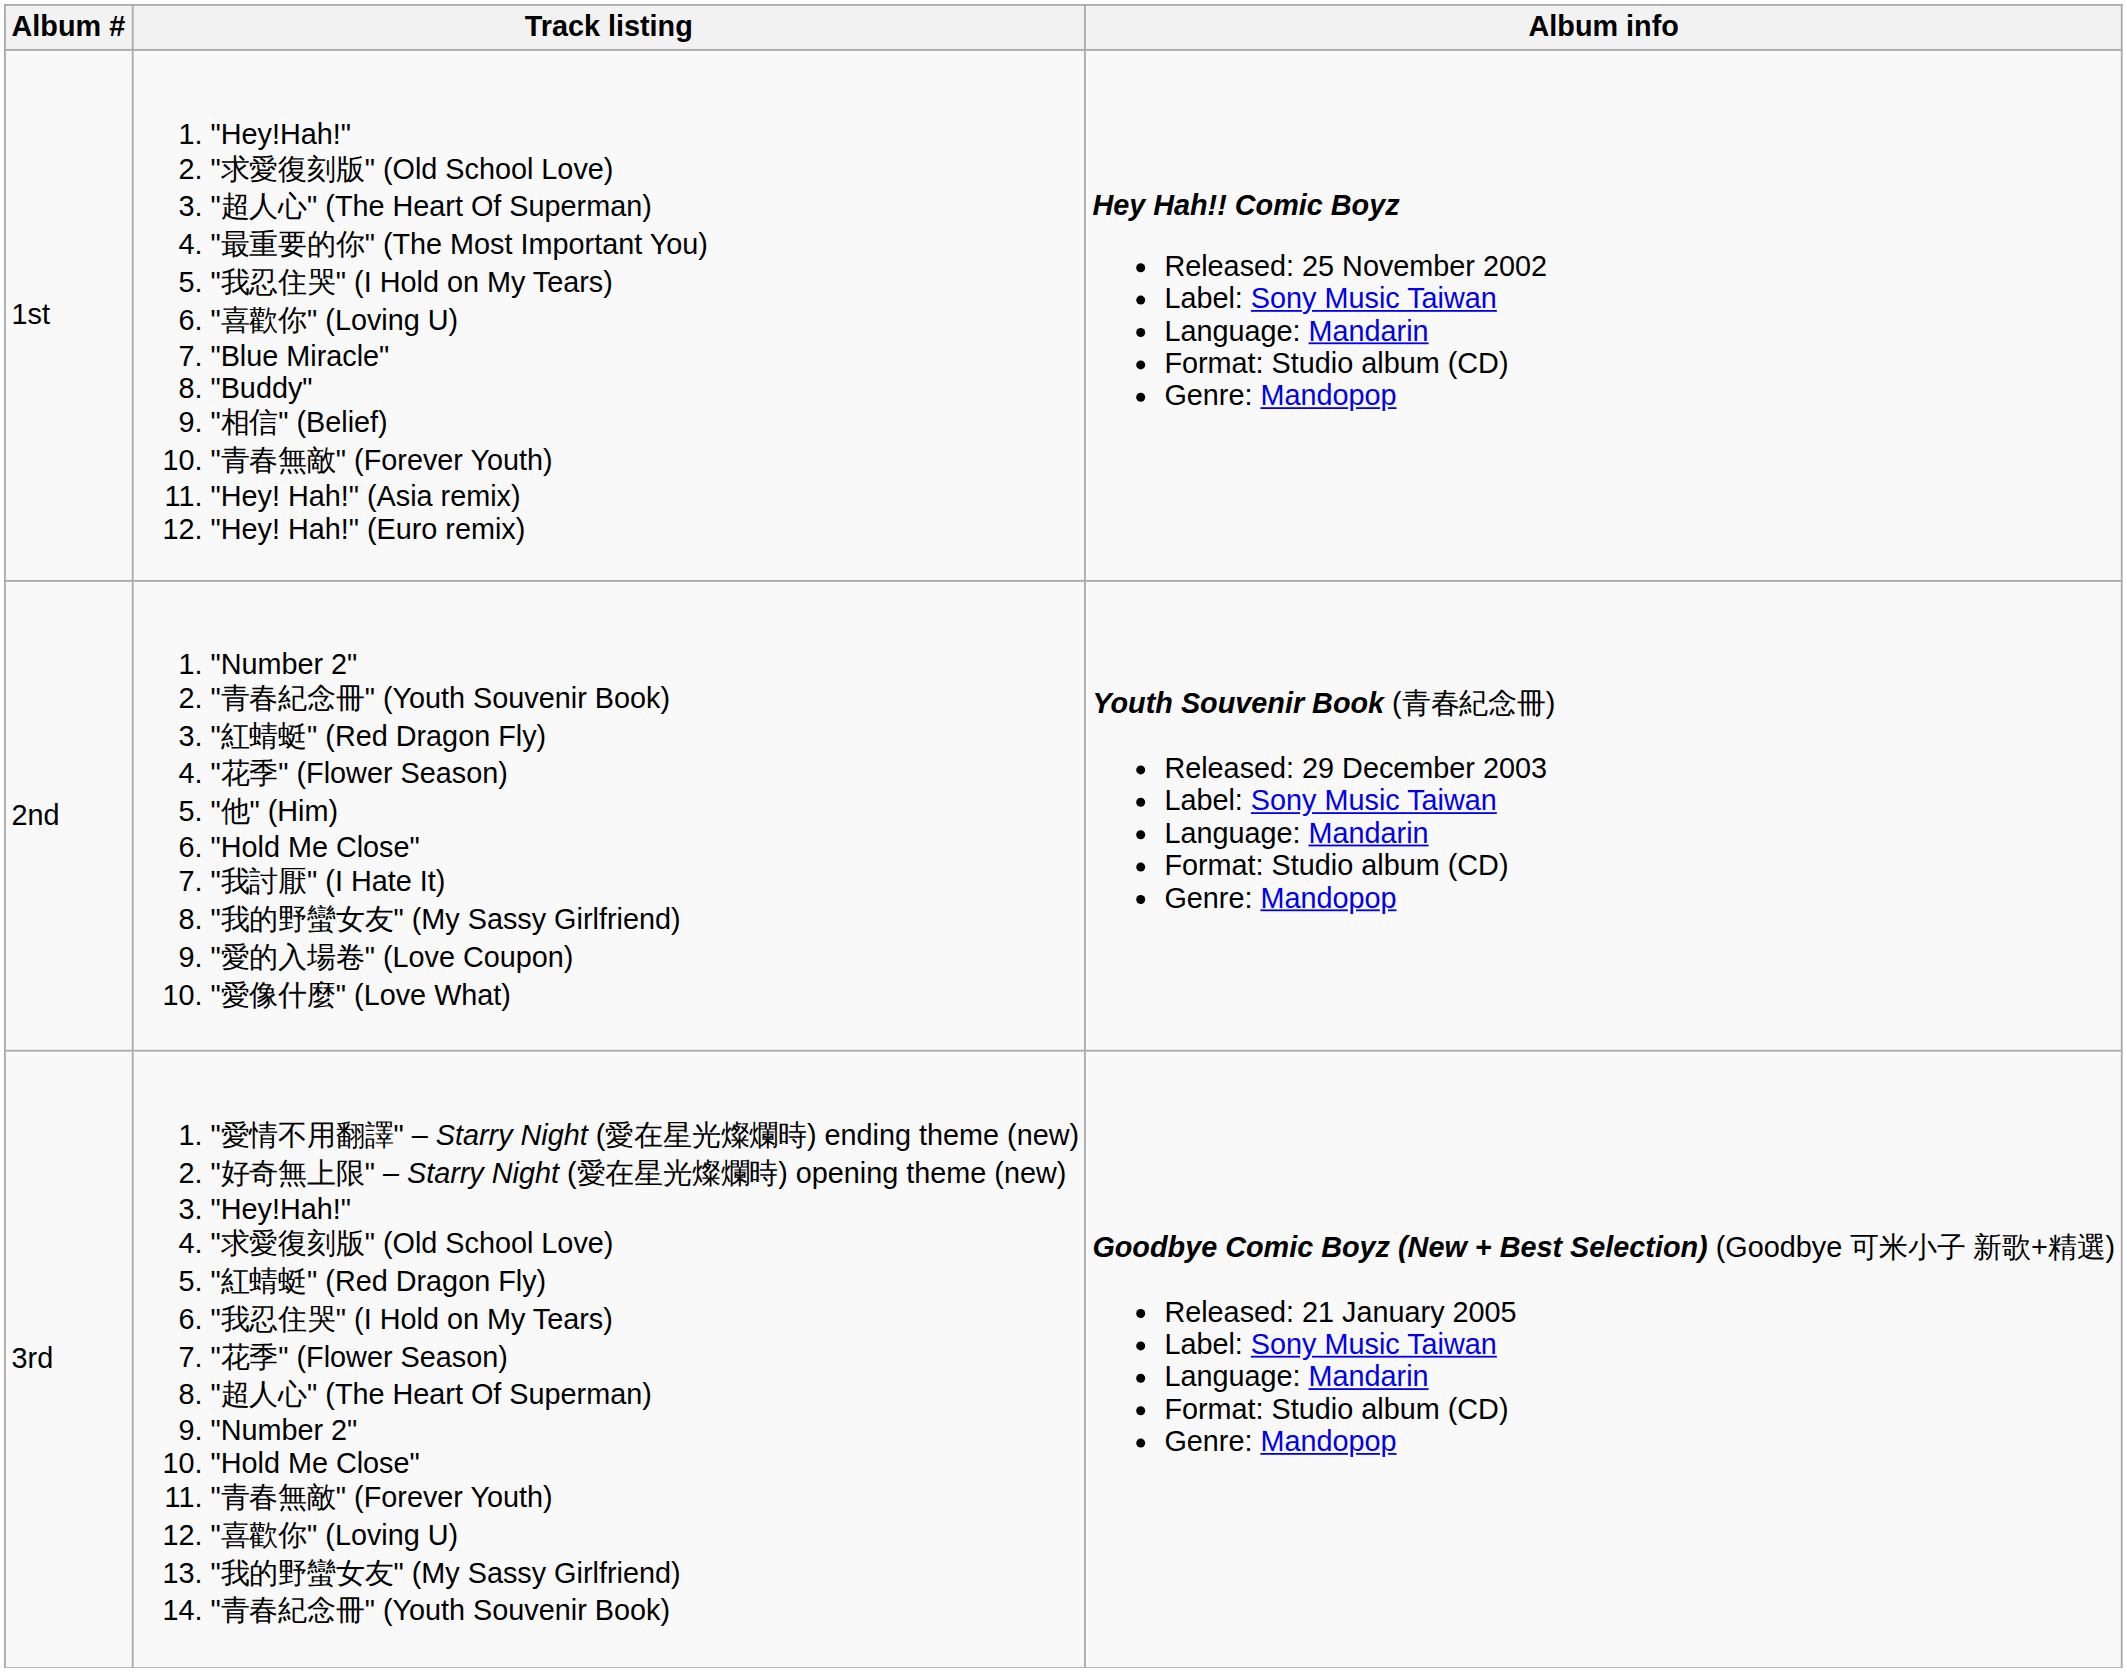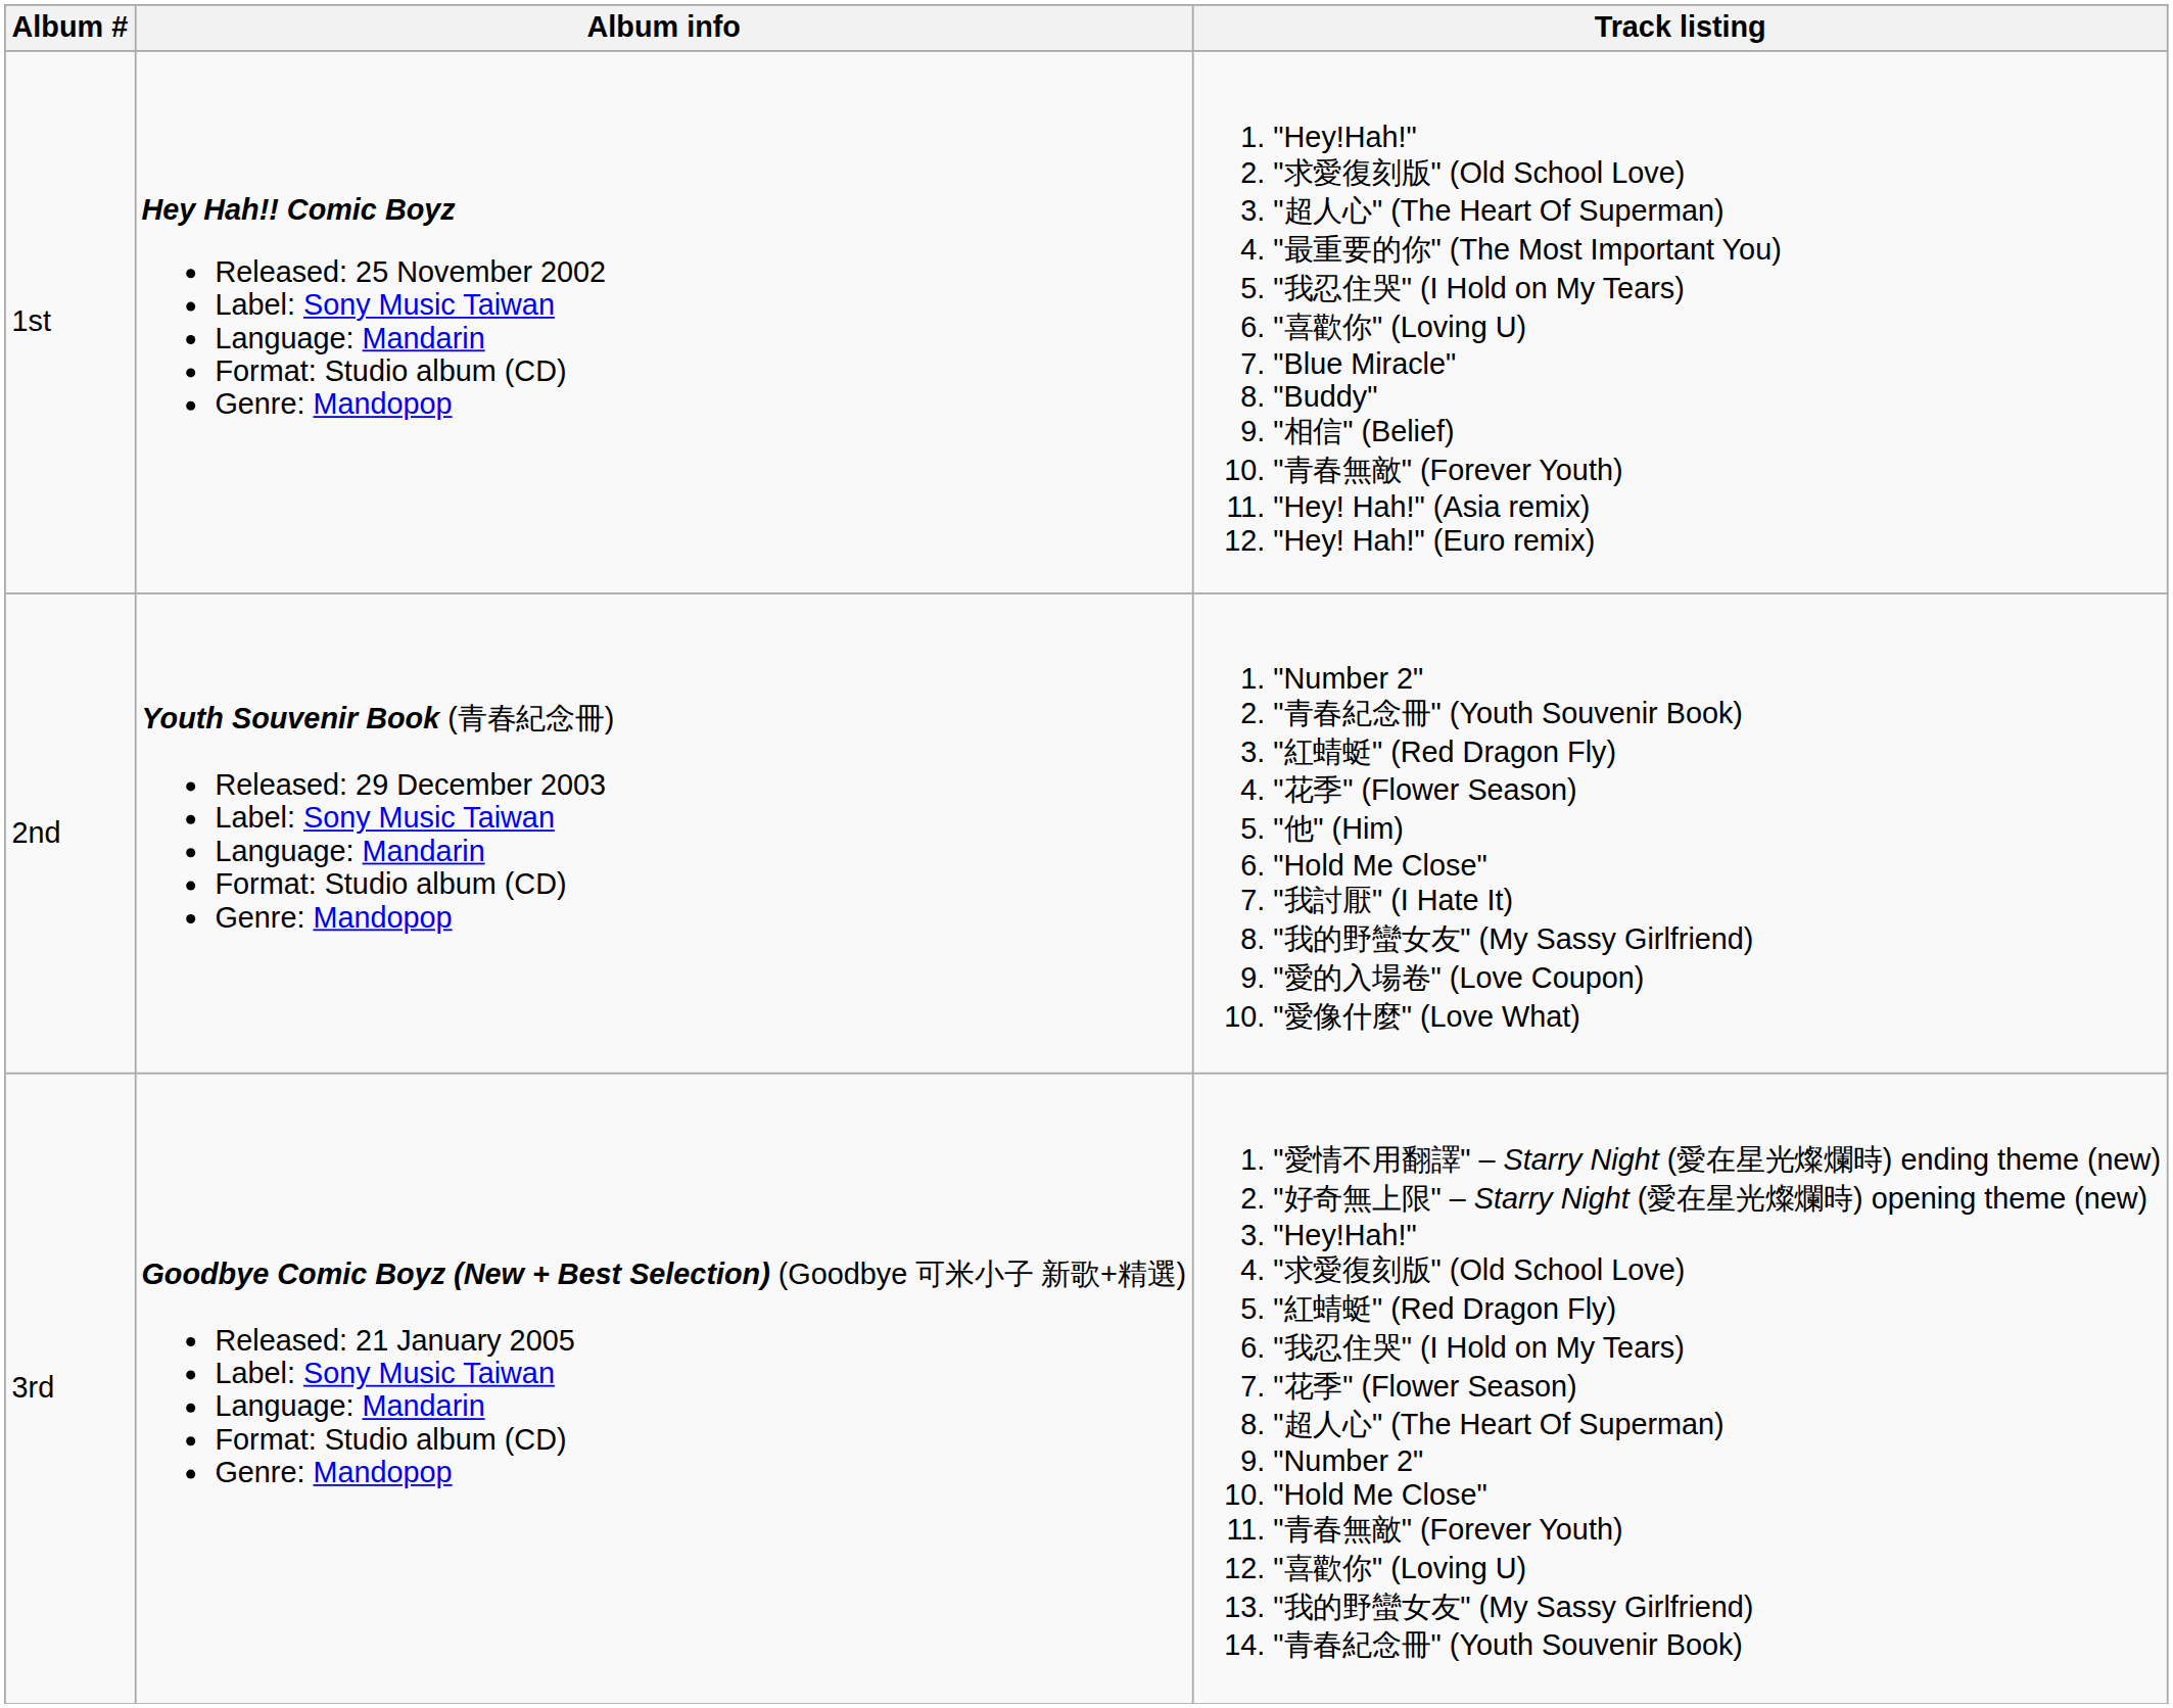 <table class="wikitable sortable">
 <tr>
 <th>Album #</th>
+<th>Album info</th>
 <th>Track listing</th>
-<th>Album info</th>
 </tr>
 <tr>
 <td>1st</td>
+<td><strong><em>Hey Hah!! Comic Boyz</em></strong><br><ul><li>Released: 25 November 2002</li><li>Label: <a href='#'>Sony Music Taiwan</a></li><li>Language: <a href='#'>Mandarin</a></li><li>Format: Studio album (CD)</li><li>Genre: <a href='#'>Mandopop</a></li></ul></td>
 <td><br><ol><li>"Hey!Hah!"</li><li>"求愛復刻版" (Old School Love)</li><li>"超人心" (The Heart Of Superman)</li><li>"最重要的你" (The Most Important You)</li><li>"我忍住哭" (I Hold on My Tears)</li><li>"喜歡你" (Loving U)</li><li>"Blue Miracle"</li><li>"Buddy"</li><li>"相信" (Belief)</li><li>"青春無敵" (Forever Youth)</li><li>"Hey! Hah!" (Asia remix)</li><li>"Hey! Hah!" (Euro remix)</li></ol></td>
-<td><strong><em>Hey Hah!! Comic Boyz</em></strong><br><ul><li>Released: 25 November 2002</li><li>Label: <a href='#'>Sony Music Taiwan</a></li><li>Language: <a href='#'>Mandarin</a></li><li>Format: Studio album (CD)</li><li>Genre: <a href='#'>Mandopop</a></li></ul></td>
 </tr>
 <tr>
 <td>2nd</td>
+<td><strong><em>Youth Souvenir Book</em></strong> (青春紀念冊)<br><ul><li>Released: 29 December 2003</li><li>Label: <a href='#'>Sony Music Taiwan</a></li><li>Language: <a href='#'>Mandarin</a></li><li>Format: Studio album (CD)</li><li>Genre: <a href='#'>Mandopop</a></li></ul></td>
 <td><br><ol><li>"Number 2"</li><li>"青春紀念冊" (Youth Souvenir Book)</li><li>"紅蜻蜓" (Red Dragon Fly)</li><li>"花季" (Flower Season)</li><li>"他" (Him)</li><li>"Hold Me Close"</li><li>"我討厭" (I Hate It)</li><li>"我的野蠻女友" (My Sassy Girlfriend)</li><li>"愛的入場卷" (Love Coupon)</li><li>"愛像什麼" (Love What)</li></ol></td>
-<td><strong><em>Youth Souvenir Book</em></strong> (青春紀念冊)<br><ul><li>Released: 29 December 2003</li><li>Label: <a href='#'>Sony Music Taiwan</a></li><li>Language: <a href='#'>Mandarin</a></li><li>Format: Studio album (CD)</li><li>Genre: <a href='#'>Mandopop</a></li></ul></td>
 </tr>
 <tr>
 <td>3rd</td>
+<td><strong><em>Goodbye Comic Boyz (New + Best Selection)</em></strong> (Goodbye 可米小子 新歌+精選)<br><ul><li>Released: 21 January 2005</li><li>Label: <a href='#'>Sony Music Taiwan</a></li><li>Language: <a href='#'>Mandarin</a></li><li>Format: Studio album (CD)</li><li>Genre: <a href='#'>Mandopop</a></li></ul></td>
 <td><br><ol><li>"愛情不用翻譯" – <em>Starry Night</em> (愛在星光燦爛時) ending theme (new)</li><li>"好奇無上限" – <em>Starry Night</em> (愛在星光燦爛時) opening theme (new)</li><li>"Hey!Hah!"</li><li>"求愛復刻版" (Old School Love)</li><li>"紅蜻蜓" (Red Dragon Fly)</li><li>"我忍住哭" (I Hold on My Tears)</li><li>"花季" (Flower Season)</li><li>"超人心" (The Heart Of Superman)</li><li>"Number 2"</li><li>"Hold Me Close"</li><li>"青春無敵" (Forever Youth)</li><li>"喜歡你" (Loving U)</li><li>"我的野蠻女友" (My Sassy Girlfriend)</li><li>"青春紀念冊" (Youth Souvenir Book)</li></ol></td>
-<td><strong><em>Goodbye Comic Boyz (New + Best Selection)</em></strong> (Goodbye 可米小子 新歌+精選)<br><ul><li>Released: 21 January 2005</li><li>Label: <a href='#'>Sony Music Taiwan</a></li><li>Language: <a href='#'>Mandarin</a></li><li>Format: Studio album (CD)</li><li>Genre: <a href='#'>Mandopop</a></li></ul></td>
 </tr>
 </table>
